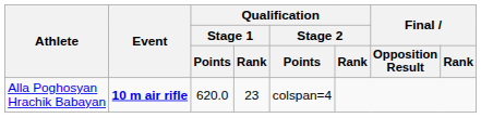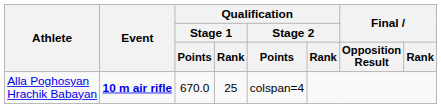 <table class="wikitable" style="text-align:center; font-size:90%">
 <tr>
 <th rowspan=3>Athlete</th>
 <th rowspan=3>Event</th>
 <th colspan=4>Qualification</th>
 <th colspan=2 rowspan=2>Final / </th>
 </tr>
 <tr>
 <th colspan="2">Stage 1</th>
 <th colspan="2">Stage 2</th>
 </tr>
 <tr style="font-size:95%">
 <th>Points</th>
 <th>Rank</th>
 <th>Points</th>
 <th>Rank</th>
 <th>Opposition<br>Result</th>
 <th>Rank</th>
 </tr>
 <tr>
 <td align=left><a href='#'>Alla Poghosyan</a><br><a href='#'>Hrachik Babayan</a></td>
 <td align=left><strong><a href='#'>10 m air rifle</a></strong></td>
-<td>620.0</td>
-<td>23</td>
+<td>670.0</td>
+<td>25</td>
 <td>colspan=4 </td>
 </tr>
 </table>
